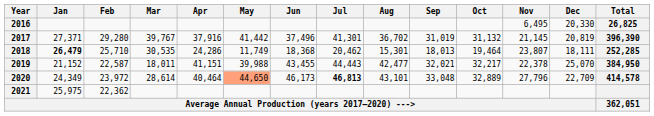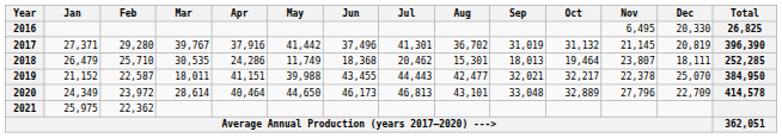 <table class=wikitable style="text-align:right; font-size:0.9em; width:950px;">
 <tr>
 <th>Year</th>
 <th>Jan</th>
 <th>Feb</th>
 <th>Mar</th>
 <th>Apr</th>
 <th>May</th>
 <th>Jun</th>
 <th>Jul</th>
 <th>Aug</th>
 <th>Sep</th>
 <th>Oct</th>
 <th>Nov</th>
 <th>Dec</th>
 <th>Total</th>
 </tr>
 <tr>
 <th>2016</th>
 <td></td>
 <td></td>
 <td></td>
 <td></td>
 <td></td>
 <td></td>
 <td></td>
 <td></td>
 <td></td>
 <td></td>
 <td>6,495</td>
 <td>20,330</td>
 <th>26,825</th>
 </tr>
 <tr>
 <th>2017</th>
 <td>27,371</td>
 <td>29,280</td>
 <td>39,767</td>
 <td>37,916</td>
 <td>41,442</td>
 <td>37,496</td>
 <td>41,301</td>
 <td>36,702</td>
 <td>31,019</td>
 <td>31,132</td>
 <td>21,145</td>
 <td>20,819</td>
 <th>396,390</th>
 </tr>
 <tr>
 <th>2018</th>
-<td><strong>26,479</strong></td>
+<td>26,479</td>
 <td>25,710</td>
 <td>30,535</td>
 <td>24,286</td>
 <td>11,749</td>
 <td>18,368</td>
 <td>20,462</td>
 <td>15,301</td>
 <td>18,013</td>
 <td>19,464</td>
 <td>23,807</td>
 <td>18,111</td>
 <th>252,285</th>
 </tr>
 <tr>
 <th>2019</th>
 <td>21,152</td>
 <td>22,587</td>
 <td>18,011</td>
 <td>41,151</td>
 <td>39,988</td>
 <td>43,455</td>
 <td>44,443</td>
 <td>42,477</td>
 <td>32,021</td>
 <td>32,217</td>
 <td>22,378</td>
 <td>25,070</td>
 <th>384,950</th>
 </tr>
 <tr>
 <th>2020</th>
 <td>24,349</td>
 <td>23,972</td>
 <td>28,614</td>
 <td>40,464</td>
-<td style="background: lightsalmon;">44,650</td>
+<td>44,650</td>
 <td>46,173</td>
-<td><strong>46,813</strong></td>
+<td>46,813</td>
 <td>43,101</td>
 <td>33,048</td>
 <td>32,889</td>
 <td>27,796</td>
 <td>22,709</td>
 <th>414,578</th>
 </tr>
 <tr>
 <th>2021</th>
 <td>25,975</td>
 <td>22,362</td>
 <td></td>
 <td></td>
 <td></td>
 <td></td>
 <td></td>
 <td></td>
 <td></td>
 <td></td>
 <td></td>
 <td></td>
 <th></th>
 </tr>
 <tr>
 <th colspan=13>Average Annual Production (years 2017–2020) ---></th>
 <th>362,051</th>
 </tr>
 </table>
